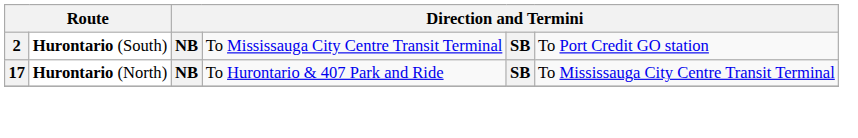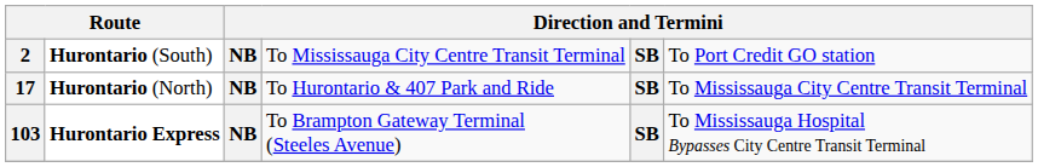 <table class=wikitable style="font-size: 90%;" |>
 <tr>
 <th colspan=2>Route</th>
 <th colspan=4>Direction and Termini</th>
 </tr>
 <tr>
 <th style="background:#"><div><strong>2</strong></div></th>
 <td style="background:white; color:black"><strong>Hurontario</strong> (South)</td>
 <th>NB</th>
 <td>To <a href='#'>Mississauga City Centre Transit Terminal</a></td>
 <th>SB</th>
 <td>To <a href='#'>Port Credit GO station</a></td>
 </tr>
 <tr>
 <th style="background:#"><div><strong>17</strong></div></th>
 <td style="background:white; color:black"><strong>Hurontario</strong> (North)</td>
 <th>NB</th>
 <td>To <a href='#'>Hurontario & 407 Park and Ride</a></td>
 <th>SB</th>
 <td>To <a href='#'>Mississauga City Centre Transit Terminal</a></td>
 </tr>
 <tr>
+<th style="background:#"><div><strong>103</strong></div></th>
+<td style="background:white; color:black"><strong>Hurontario Express</strong></td>
+<th>NB</th>
+<td>To <a href='#'>Brampton Gateway Terminal</a><br>(<a href='#'>Steeles Avenue</a>)</td>
+<th>SB</th>
+<td>To <a href='#'>Mississauga Hospital</a><br><small><em>Bypasses</em> City Centre Transit Terminal</small></td>
+</tr>
+<tr>
 </tr>
 </table>
